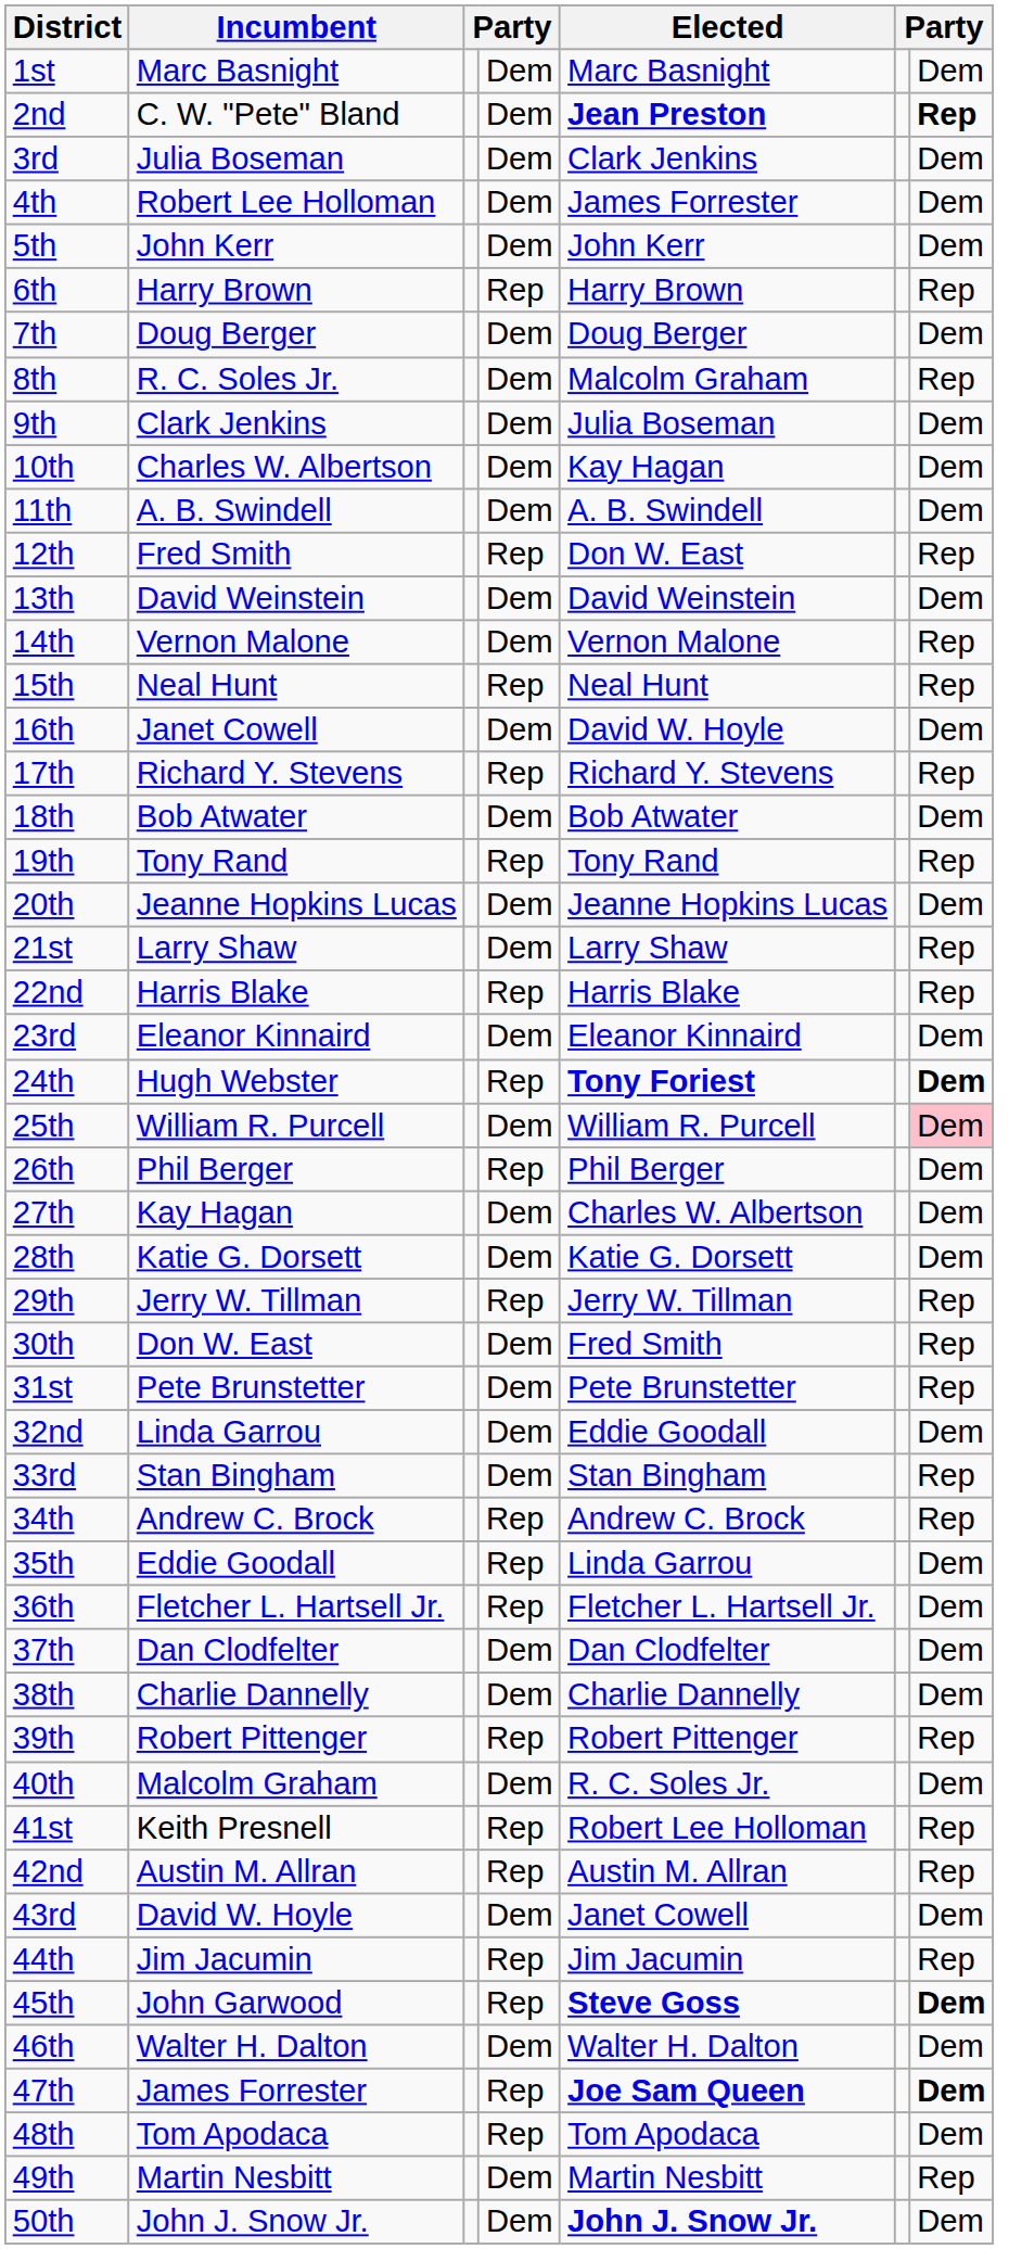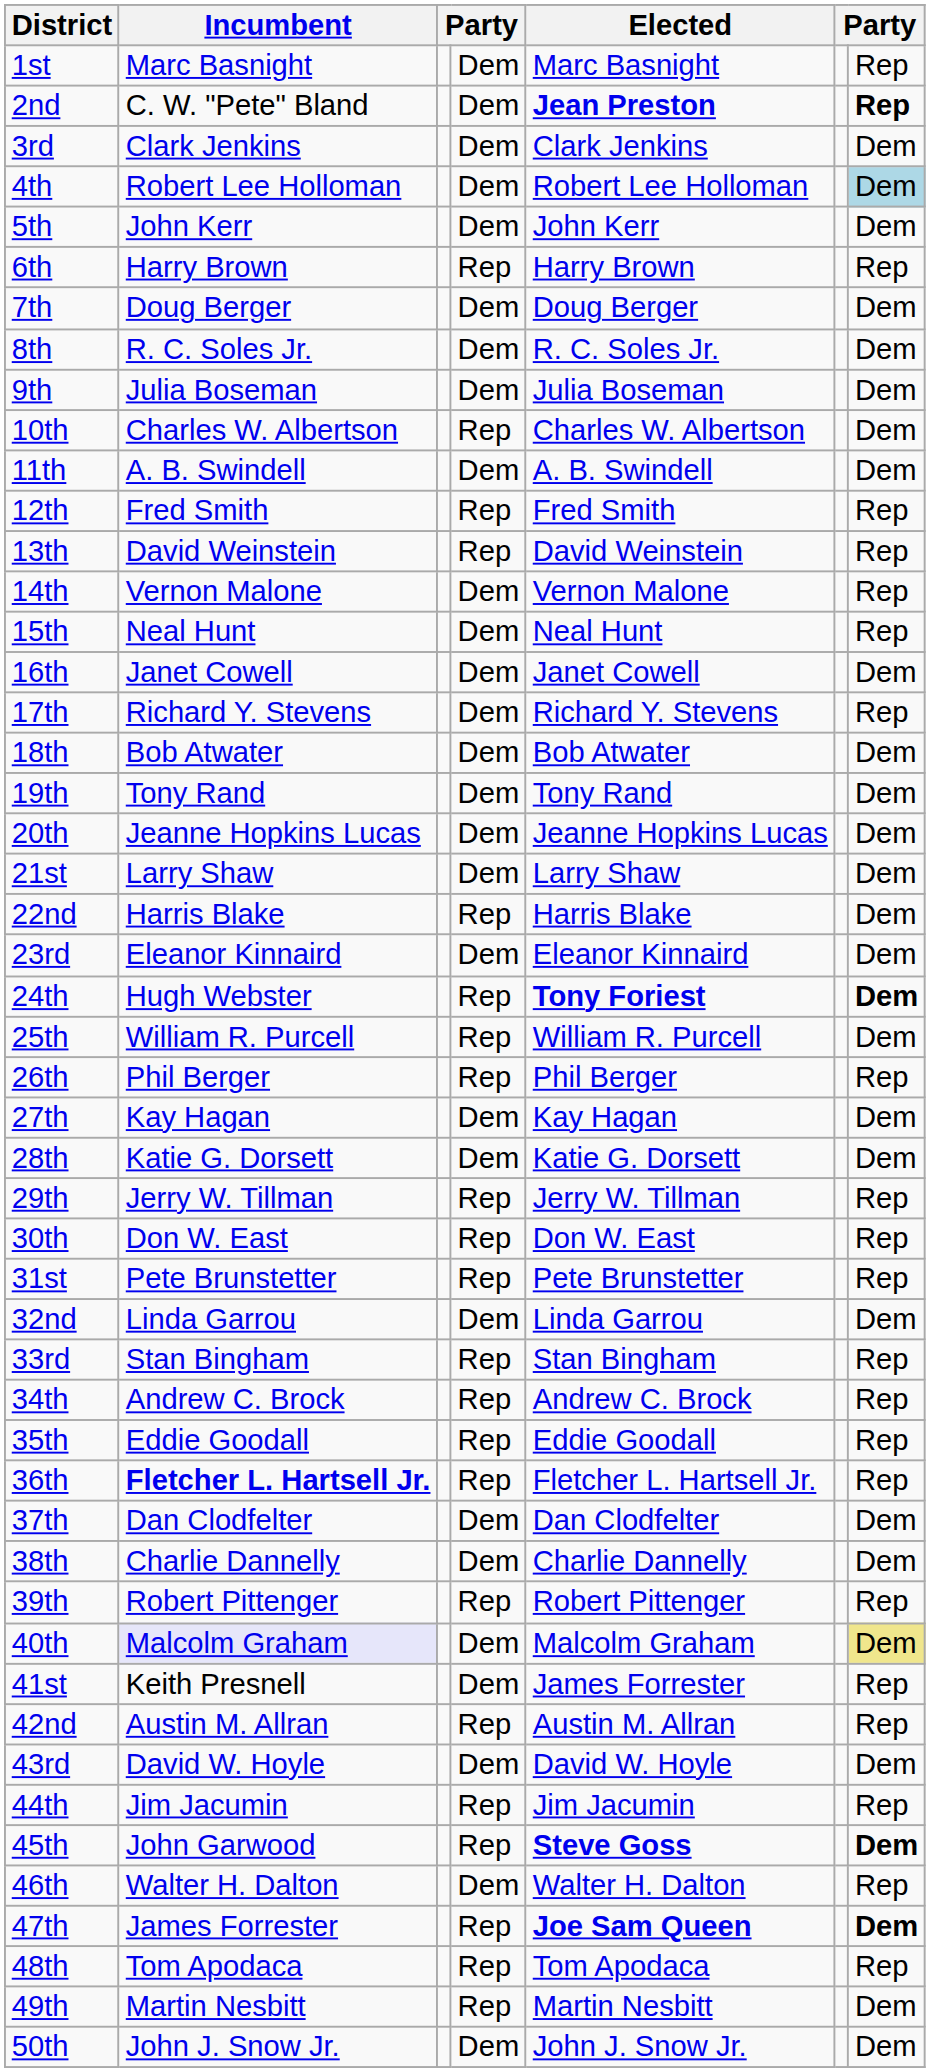 <table class="sortable wikitable" style="font-size:95%;line-height:14px;">
 <tr>
 <th class="unsortable">District</th>
 <th class="unsortable"><a href='#'>Incumbent</a></th>
 <th colspan="2">Party</th>
 <th class="unsortable">Elected</th>
 <th colspan="2">Party</th>
 </tr>
 <tr>
 <td><a href='#'>1st</a></td>
 <td><a href='#'>Marc Basnight</a></td>
 <td style="background:"></td>
 <td>Dem</td>
 <td><a href='#'>Marc Basnight</a></td>
 <td style="background:"></td>
-<td>Dem</td>
+<td>Rep</td>
 </tr>
 <tr>
 <td><a href='#'>2nd</a></td>
 <td>C. W. "Pete" Bland</td>
 <td style="background:"></td>
 <td>Dem</td>
 <td><strong><a href='#'>Jean Preston</a></strong></td>
 <td style="background:"></td>
 <td><strong>Rep</strong></td>
 </tr>
 <tr>
 <td><a href='#'>3rd</a></td>
-<td><a href='#'>Julia Boseman</a></td>
+<td><a href='#'>Clark Jenkins</a></td>
 <td style="background:"></td>
 <td>Dem</td>
 <td><a href='#'>Clark Jenkins</a></td>
 <td style="background:"></td>
 <td>Dem</td>
 </tr>
 <tr>
 <td><a href='#'>4th</a></td>
 <td><a href='#'>Robert Lee Holloman</a></td>
 <td style="background:"></td>
 <td>Dem</td>
-<td><a href='#'>James Forrester</a></td>
+<td><a href='#'>Robert Lee Holloman</a></td>
 <td style="background:"></td>
-<td>Dem</td>
+<td style="background: lightblue;">Dem</td>
 </tr>
 <tr>
 <td><a href='#'>5th</a></td>
 <td><a href='#'>John Kerr</a></td>
 <td style="background:"></td>
 <td>Dem</td>
 <td><a href='#'>John Kerr</a></td>
 <td style="background:"></td>
 <td>Dem</td>
 </tr>
 <tr>
 <td><a href='#'>6th</a></td>
 <td><a href='#'>Harry Brown</a></td>
 <td style="background:"></td>
 <td>Rep</td>
 <td><a href='#'>Harry Brown</a></td>
 <td style="background:"></td>
 <td>Rep</td>
 </tr>
 <tr>
 <td><a href='#'>7th</a></td>
 <td><a href='#'>Doug Berger</a></td>
 <td style="background:"></td>
 <td>Dem</td>
 <td><a href='#'>Doug Berger</a></td>
 <td style="background:"></td>
 <td>Dem</td>
 </tr>
 <tr>
 <td><a href='#'>8th</a></td>
 <td><a href='#'>R. C. Soles Jr.</a></td>
 <td style="background:"></td>
 <td>Dem</td>
-<td><a href='#'>Malcolm Graham</a></td>
+<td><a href='#'>R. C. Soles Jr.</a></td>
 <td style="background:"></td>
-<td>Rep</td>
+<td>Dem</td>
 </tr>
 <tr>
 <td><a href='#'>9th</a></td>
-<td><a href='#'>Clark Jenkins</a></td>
+<td><a href='#'>Julia Boseman</a></td>
 <td style="background:"></td>
 <td>Dem</td>
 <td><a href='#'>Julia Boseman</a></td>
 <td style="background:"></td>
 <td>Dem</td>
 </tr>
 <tr>
 <td><a href='#'>10th</a></td>
 <td><a href='#'>Charles W. Albertson</a></td>
 <td style="background:"></td>
-<td>Dem</td>
-<td><a href='#'>Kay Hagan</a></td>
+<td>Rep</td>
+<td><a href='#'>Charles W. Albertson</a></td>
 <td style="background:"></td>
 <td>Dem</td>
 </tr>
 <tr>
 <td><a href='#'>11th</a></td>
 <td><a href='#'>A. B. Swindell</a></td>
 <td style="background:"></td>
 <td>Dem</td>
 <td><a href='#'>A. B. Swindell</a></td>
 <td style="background:"></td>
 <td>Dem</td>
 </tr>
 <tr>
 <td><a href='#'>12th</a></td>
 <td><a href='#'>Fred Smith</a></td>
 <td style="background:"></td>
 <td>Rep</td>
-<td><a href='#'>Don W. East</a></td>
+<td><a href='#'>Fred Smith</a></td>
 <td style="background:"></td>
 <td>Rep</td>
 </tr>
 <tr>
 <td><a href='#'>13th</a></td>
 <td><a href='#'>David Weinstein</a></td>
 <td style="background:"></td>
-<td>Dem</td>
+<td>Rep</td>
 <td><a href='#'>David Weinstein</a></td>
 <td style="background:"></td>
-<td>Dem</td>
+<td>Rep</td>
 </tr>
 <tr>
 <td><a href='#'>14th</a></td>
 <td><a href='#'>Vernon Malone</a></td>
 <td style="background:"></td>
 <td>Dem</td>
 <td><a href='#'>Vernon Malone</a></td>
 <td style="background:"></td>
 <td>Rep</td>
 </tr>
 <tr>
 <td><a href='#'>15th</a></td>
 <td><a href='#'>Neal Hunt</a></td>
 <td style="background:"></td>
-<td>Rep</td>
+<td>Dem</td>
 <td><a href='#'>Neal Hunt</a></td>
 <td style="background:"></td>
 <td>Rep</td>
 </tr>
 <tr>
 <td><a href='#'>16th</a></td>
 <td><a href='#'>Janet Cowell</a></td>
 <td style="background:"></td>
 <td>Dem</td>
-<td><a href='#'>David W. Hoyle</a></td>
+<td><a href='#'>Janet Cowell</a></td>
 <td style="background:"></td>
 <td>Dem</td>
 </tr>
 <tr>
 <td><a href='#'>17th</a></td>
 <td><a href='#'>Richard Y. Stevens</a></td>
 <td style="background:"></td>
-<td>Rep</td>
+<td>Dem</td>
 <td><a href='#'>Richard Y. Stevens</a></td>
 <td style="background:"></td>
 <td>Rep</td>
 </tr>
 <tr>
 <td><a href='#'>18th</a></td>
 <td><a href='#'>Bob Atwater</a></td>
 <td style="background:"></td>
 <td>Dem</td>
 <td><a href='#'>Bob Atwater</a></td>
 <td style="background:"></td>
 <td>Dem</td>
 </tr>
 <tr>
 <td><a href='#'>19th</a></td>
 <td><a href='#'>Tony Rand</a></td>
 <td style="background:"></td>
-<td>Rep</td>
+<td>Dem</td>
 <td><a href='#'>Tony Rand</a></td>
 <td style="background:"></td>
-<td>Rep</td>
+<td>Dem</td>
 </tr>
 <tr>
 <td><a href='#'>20th</a></td>
 <td><a href='#'>Jeanne Hopkins Lucas</a></td>
 <td style="background:"></td>
 <td>Dem</td>
 <td><a href='#'>Jeanne Hopkins Lucas</a></td>
 <td style="background:"></td>
 <td>Dem</td>
 </tr>
 <tr>
 <td><a href='#'>21st</a></td>
 <td><a href='#'>Larry Shaw</a></td>
 <td style="background:"></td>
 <td>Dem</td>
 <td><a href='#'>Larry Shaw</a></td>
 <td style="background:"></td>
-<td>Rep</td>
+<td>Dem</td>
 </tr>
 <tr>
 <td><a href='#'>22nd</a></td>
 <td><a href='#'>Harris Blake</a></td>
 <td style="background:"></td>
 <td>Rep</td>
 <td><a href='#'>Harris Blake</a></td>
 <td style="background:"></td>
-<td>Rep</td>
+<td>Dem</td>
 </tr>
 <tr>
 <td><a href='#'>23rd</a></td>
 <td><a href='#'>Eleanor Kinnaird</a></td>
 <td style="background:"></td>
 <td>Dem</td>
 <td><a href='#'>Eleanor Kinnaird</a></td>
 <td style="background:"></td>
 <td>Dem</td>
 </tr>
 <tr>
 <td><a href='#'>24th</a></td>
 <td><a href='#'>Hugh Webster</a></td>
 <td style="background:"></td>
 <td>Rep</td>
 <td><strong><a href='#'>Tony Foriest</a></strong></td>
 <td style="background:"></td>
 <td><strong>Dem</strong></td>
 </tr>
 <tr>
 <td><a href='#'>25th</a></td>
 <td><a href='#'>William R. Purcell</a></td>
 <td style="background:"></td>
-<td>Dem</td>
+<td>Rep</td>
 <td><a href='#'>William R. Purcell</a></td>
 <td style="background:"></td>
-<td style="background: pink;">Dem</td>
+<td>Dem</td>
 </tr>
 <tr>
 <td><a href='#'>26th</a></td>
 <td><a href='#'>Phil Berger</a></td>
 <td style="background:"></td>
 <td>Rep</td>
 <td><a href='#'>Phil Berger</a></td>
 <td style="background:"></td>
-<td>Dem</td>
+<td>Rep</td>
 </tr>
 <tr>
 <td><a href='#'>27th</a></td>
 <td><a href='#'>Kay Hagan</a></td>
 <td style="background:"></td>
 <td>Dem</td>
-<td><a href='#'>Charles W. Albertson</a></td>
+<td><a href='#'>Kay Hagan</a></td>
 <td style="background:"></td>
 <td>Dem</td>
 </tr>
 <tr>
 <td><a href='#'>28th</a></td>
 <td><a href='#'>Katie G. Dorsett</a></td>
 <td style="background:"></td>
 <td>Dem</td>
 <td><a href='#'>Katie G. Dorsett</a></td>
 <td style="background:"></td>
 <td>Dem</td>
 </tr>
 <tr>
 <td><a href='#'>29th</a></td>
 <td><a href='#'>Jerry W. Tillman</a></td>
 <td style="background:"></td>
 <td>Rep</td>
 <td><a href='#'>Jerry W. Tillman</a></td>
 <td style="background:"></td>
 <td>Rep</td>
 </tr>
 <tr>
 <td><a href='#'>30th</a></td>
 <td><a href='#'>Don W. East</a></td>
 <td style="background:"></td>
-<td>Dem</td>
-<td><a href='#'>Fred Smith</a></td>
+<td>Rep</td>
+<td><a href='#'>Don W. East</a></td>
 <td style="background:"></td>
 <td>Rep</td>
 </tr>
 <tr>
 <td><a href='#'>31st</a></td>
 <td><a href='#'>Pete Brunstetter</a></td>
 <td style="background:"></td>
-<td>Dem</td>
+<td>Rep</td>
 <td><a href='#'>Pete Brunstetter</a></td>
 <td style="background:"></td>
 <td>Rep</td>
 </tr>
 <tr>
 <td><a href='#'>32nd</a></td>
 <td><a href='#'>Linda Garrou</a></td>
 <td style="background:"></td>
 <td>Dem</td>
-<td><a href='#'>Eddie Goodall</a></td>
+<td><a href='#'>Linda Garrou</a></td>
 <td style="background:"></td>
 <td>Dem</td>
 </tr>
 <tr>
 <td><a href='#'>33rd</a></td>
 <td><a href='#'>Stan Bingham</a></td>
 <td style="background:"></td>
-<td>Dem</td>
+<td>Rep</td>
 <td><a href='#'>Stan Bingham</a></td>
 <td style="background:"></td>
 <td>Rep</td>
 </tr>
 <tr>
 <td><a href='#'>34th</a></td>
 <td><a href='#'>Andrew C. Brock</a></td>
 <td style="background:"></td>
 <td>Rep</td>
 <td><a href='#'>Andrew C. Brock</a></td>
 <td style="background:"></td>
 <td>Rep</td>
 </tr>
 <tr>
 <td><a href='#'>35th</a></td>
 <td><a href='#'>Eddie Goodall</a></td>
 <td style="background:"></td>
 <td>Rep</td>
-<td><a href='#'>Linda Garrou</a></td>
+<td><a href='#'>Eddie Goodall</a></td>
 <td style="background:"></td>
-<td>Dem</td>
+<td>Rep</td>
 </tr>
 <tr>
 <td><a href='#'>36th</a></td>
-<td><a href='#'>Fletcher L. Hartsell Jr.</a></td>
+<td><strong><a href='#'>Fletcher L. Hartsell Jr.</a></strong></td>
 <td style="background:"></td>
 <td>Rep</td>
 <td><a href='#'>Fletcher L. Hartsell Jr.</a></td>
 <td style="background:"></td>
-<td>Dem</td>
+<td>Rep</td>
 </tr>
 <tr>
 <td><a href='#'>37th</a></td>
 <td><a href='#'>Dan Clodfelter</a></td>
 <td style="background:"></td>
 <td>Dem</td>
 <td><a href='#'>Dan Clodfelter</a></td>
 <td style="background:"></td>
 <td>Dem</td>
 </tr>
 <tr>
 <td><a href='#'>38th</a></td>
 <td><a href='#'>Charlie Dannelly</a></td>
 <td style="background:"></td>
 <td>Dem</td>
 <td><a href='#'>Charlie Dannelly</a></td>
 <td style="background:"></td>
 <td>Dem</td>
 </tr>
 <tr>
 <td><a href='#'>39th</a></td>
 <td><a href='#'>Robert Pittenger</a></td>
 <td style="background:"></td>
 <td>Rep</td>
 <td><a href='#'>Robert Pittenger</a></td>
 <td style="background:"></td>
 <td>Rep</td>
 </tr>
 <tr>
 <td><a href='#'>40th</a></td>
+<td style="background: lavender;"><a href='#'>Malcolm Graham</a></td>
+<td style="background:"></td>
+<td>Dem</td>
 <td><a href='#'>Malcolm Graham</a></td>
 <td style="background:"></td>
-<td>Dem</td>
-<td><a href='#'>R. C. Soles Jr.</a></td>
-<td style="background:"></td>
-<td>Dem</td>
+<td style="background: khaki;">Dem</td>
 </tr>
 <tr>
 <td><a href='#'>41st</a></td>
 <td>Keith Presnell</td>
 <td style="background:"></td>
-<td>Rep</td>
-<td><a href='#'>Robert Lee Holloman</a></td>
+<td>Dem</td>
+<td><a href='#'>James Forrester</a></td>
 <td style="background:"></td>
 <td>Rep</td>
 </tr>
 <tr>
 <td><a href='#'>42nd</a></td>
 <td><a href='#'>Austin M. Allran</a></td>
 <td style="background:"></td>
 <td>Rep</td>
 <td><a href='#'>Austin M. Allran</a></td>
 <td style="background:"></td>
 <td>Rep</td>
 </tr>
 <tr>
 <td><a href='#'>43rd</a></td>
 <td><a href='#'>David W. Hoyle</a></td>
 <td style="background:"></td>
 <td>Dem</td>
-<td><a href='#'>Janet Cowell</a></td>
+<td><a href='#'>David W. Hoyle</a></td>
 <td style="background:"></td>
 <td>Dem</td>
 </tr>
 <tr>
 <td><a href='#'>44th</a></td>
 <td><a href='#'>Jim Jacumin</a></td>
 <td style="background:"></td>
 <td>Rep</td>
 <td><a href='#'>Jim Jacumin</a></td>
 <td style="background:"></td>
 <td>Rep</td>
 </tr>
 <tr>
 <td><a href='#'>45th</a></td>
 <td><a href='#'>John Garwood</a></td>
 <td style="background:"></td>
 <td>Rep</td>
 <td><strong><a href='#'>Steve Goss</a></strong></td>
 <td style="background:"></td>
 <td><strong>Dem</strong></td>
 </tr>
 <tr>
 <td><a href='#'>46th</a></td>
 <td><a href='#'>Walter H. Dalton</a></td>
 <td style="background:"></td>
 <td>Dem</td>
 <td><a href='#'>Walter H. Dalton</a></td>
 <td style="background:"></td>
-<td>Dem</td>
+<td>Rep</td>
 </tr>
 <tr>
 <td><a href='#'>47th</a></td>
 <td><a href='#'>James Forrester</a></td>
 <td style="background:"></td>
 <td>Rep</td>
 <td><strong><a href='#'>Joe Sam Queen</a></strong></td>
 <td style="background:"></td>
 <td><strong>Dem</strong></td>
 </tr>
 <tr>
 <td><a href='#'>48th</a></td>
 <td><a href='#'>Tom Apodaca</a></td>
 <td style="background:"></td>
 <td>Rep</td>
 <td><a href='#'>Tom Apodaca</a></td>
 <td style="background:"></td>
-<td>Dem</td>
+<td>Rep</td>
 </tr>
 <tr>
 <td><a href='#'>49th</a></td>
 <td><a href='#'>Martin Nesbitt</a></td>
 <td style="background:"></td>
-<td>Dem</td>
+<td>Rep</td>
 <td><a href='#'>Martin Nesbitt</a></td>
 <td style="background:"></td>
-<td>Rep</td>
+<td>Dem</td>
 </tr>
 <tr>
 <td><a href='#'>50th</a></td>
 <td><a href='#'>John J. Snow Jr.</a></td>
 <td style="background:"></td>
 <td>Dem</td>
-<td><strong><a href='#'>John J. Snow Jr.</a></strong></td>
+<td><a href='#'>John J. Snow Jr.</a></td>
 <td style="background:"></td>
 <td>Dem</td>
 </tr>
 </table>
